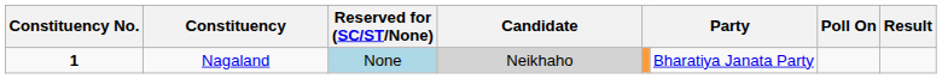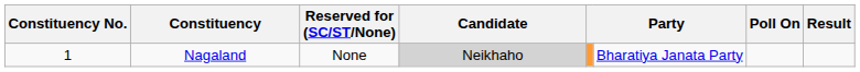 <table class="wikitable sortable" style="text-align:center">
 <tr>
 <th>Constituency No.</th>
 <th style="width:180px;">Constituency</th>
 <th>Reserved for<br>(<a href='#'>SC/ST</a>/None)</th>
 <th style="width:200px;">Candidate</th>
 <th colspan="2">Party</th>
 <th>Poll On</th>
 <th>Result</th>
 </tr>
 <tr>
-<td style="text-align:center;"><strong>1</strong></td>
+<td style="text-align:center;">1</td>
 <td><a href='#'>Nagaland</a></td>
-<td style="background: lightblue;">None</td>
+<td>None</td>
 <td style="background: lightgrey;">Neikhaho</td>
 <td bgcolor=#FF9933></td>
 <td><a href='#'>Bharatiya Janata Party</a></td>
 <td></td>
 <td></td>
 </tr>
 </table>
